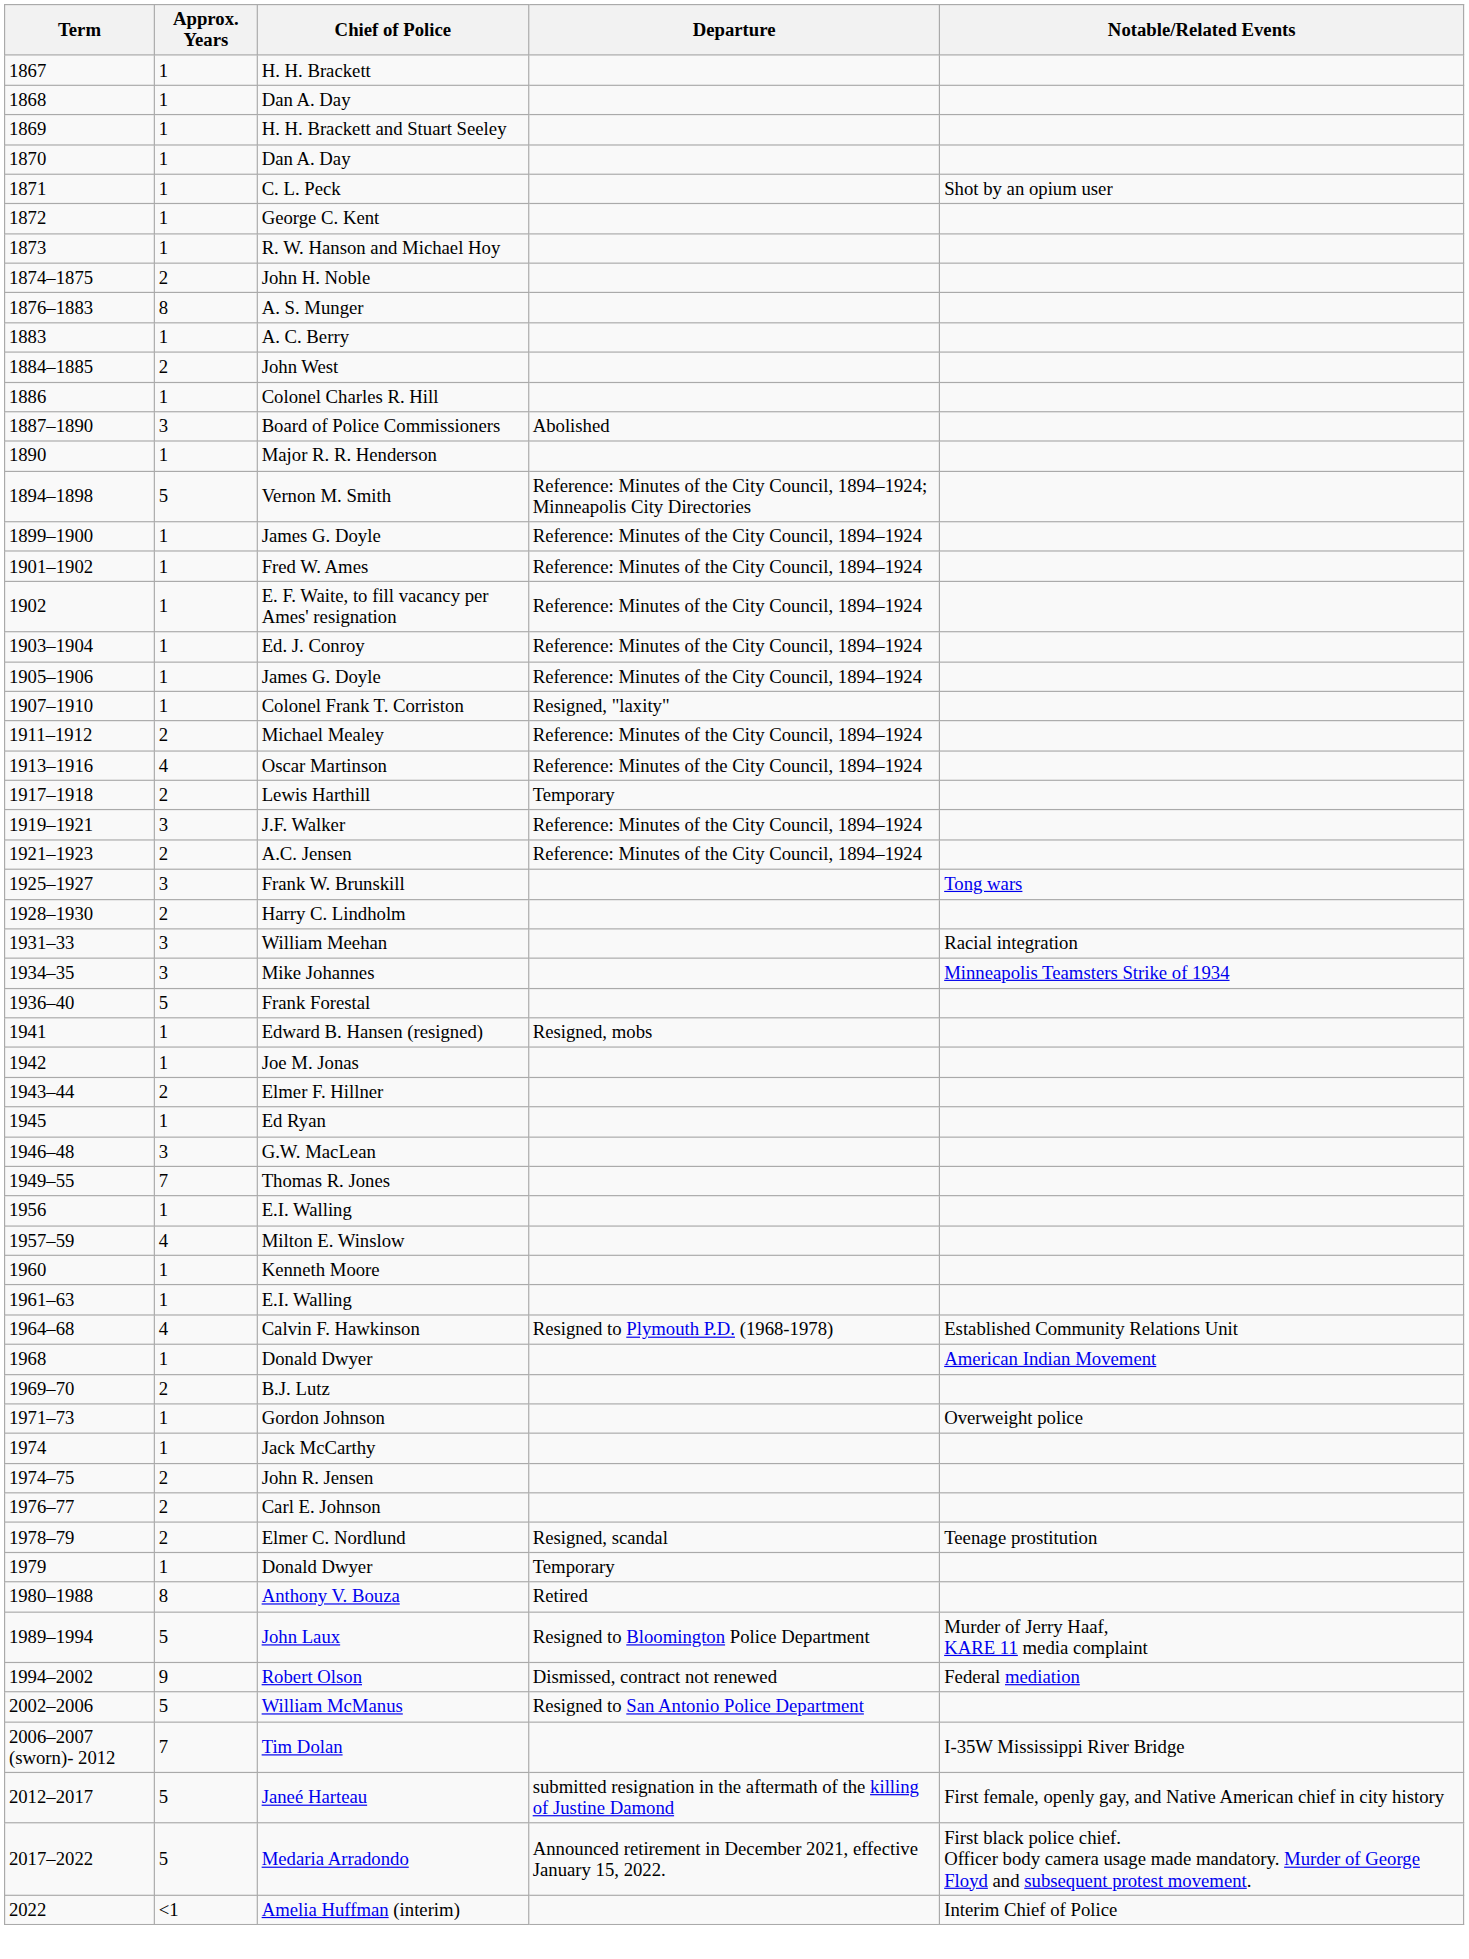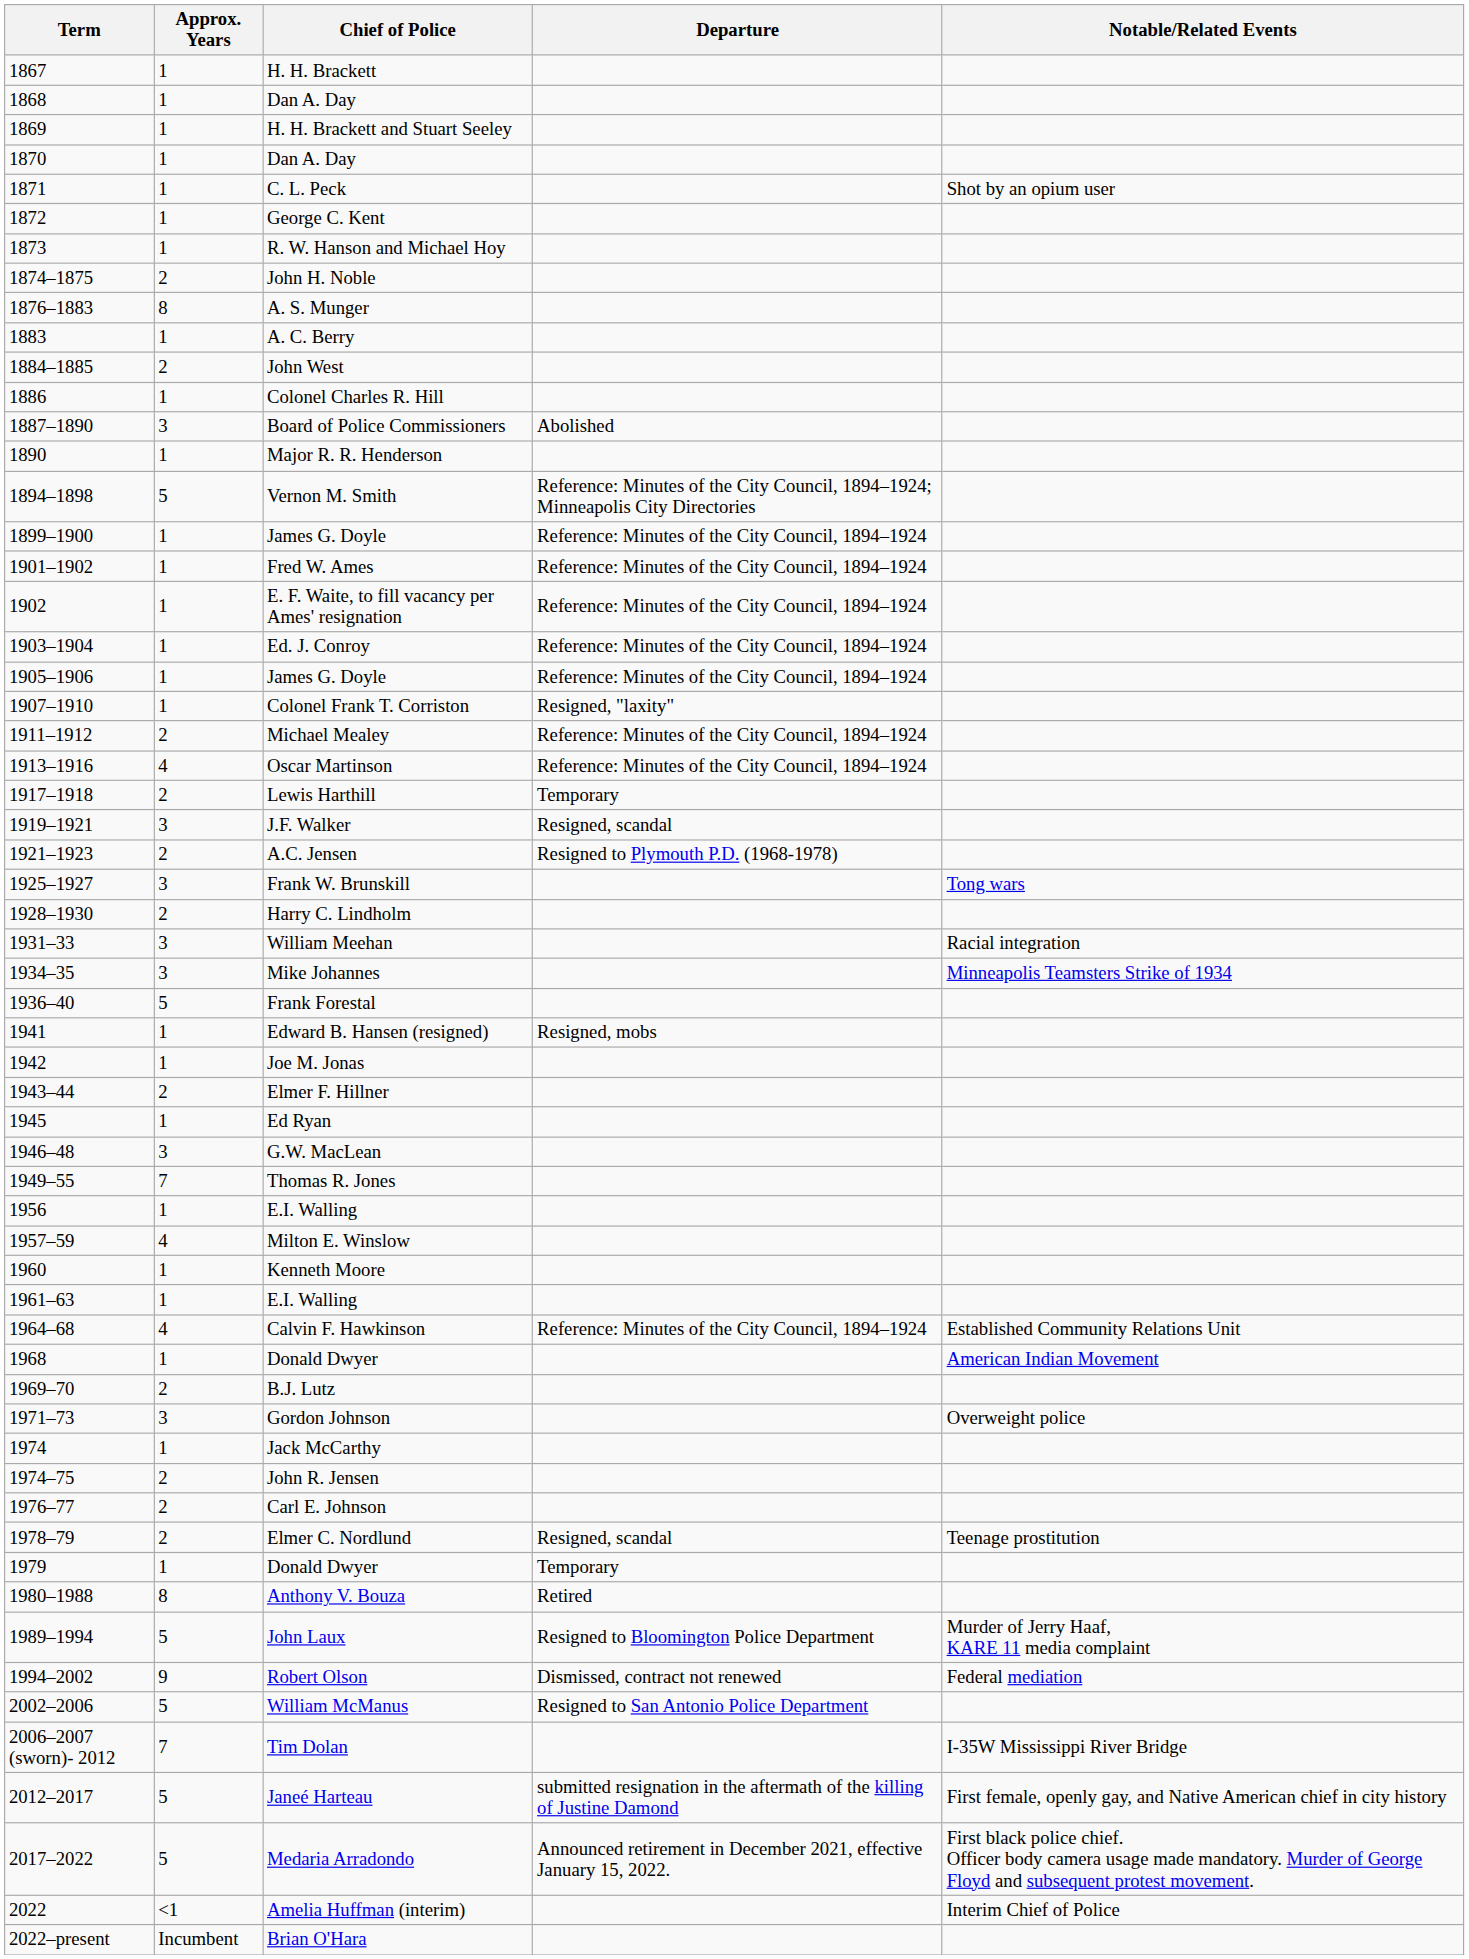 <table class="wikitable sortable">
 <tr>
 <th>Term</th>
 <th>Approx. Years</th>
 <th>Chief of Police</th>
 <th>Departure</th>
 <th>Notable/Related Events</th>
 </tr>
 <tr>
 <td>1867</td>
 <td>1</td>
 <td>H. H. Brackett</td>
 <td></td>
 <td></td>
 </tr>
 <tr>
 <td>1868</td>
 <td>1</td>
 <td>Dan A. Day</td>
 <td></td>
 <td></td>
 </tr>
 <tr>
 <td>1869</td>
 <td>1</td>
 <td>H. H. Brackett and Stuart Seeley</td>
 <td></td>
 <td></td>
 </tr>
 <tr>
 <td>1870</td>
 <td>1</td>
 <td>Dan A. Day</td>
 <td></td>
 <td></td>
 </tr>
 <tr>
 <td>1871</td>
 <td>1</td>
 <td>C. L. Peck</td>
 <td></td>
 <td>Shot by an opium user</td>
 </tr>
 <tr>
 <td>1872</td>
 <td>1</td>
 <td>George C. Kent</td>
 <td></td>
 <td></td>
 </tr>
 <tr>
 <td>1873</td>
 <td>1</td>
 <td>R. W. Hanson and Michael Hoy</td>
 <td></td>
 <td></td>
 </tr>
 <tr>
 <td>1874–1875</td>
 <td>2</td>
 <td>John H. Noble</td>
 <td></td>
 <td></td>
 </tr>
 <tr>
 <td>1876–1883</td>
 <td>8</td>
 <td>A. S. Munger</td>
 <td></td>
 <td></td>
 </tr>
 <tr>
 <td>1883</td>
 <td>1</td>
 <td>A. C. Berry</td>
 <td></td>
 <td></td>
 </tr>
 <tr>
 <td>1884–1885</td>
 <td>2</td>
 <td>John West</td>
 <td></td>
 <td></td>
 </tr>
 <tr>
 <td>1886</td>
 <td>1</td>
 <td>Colonel Charles R. Hill</td>
 <td></td>
 <td></td>
 </tr>
 <tr>
 <td>1887–1890</td>
 <td>3</td>
 <td>Board of Police Commissioners</td>
 <td>Abolished</td>
 <td></td>
 </tr>
 <tr>
 <td>1890</td>
 <td>1</td>
 <td>Major R. R. Henderson</td>
 <td></td>
 <td></td>
 </tr>
 <tr>
 <td>1894–1898</td>
 <td>5</td>
 <td>Vernon M. Smith</td>
 <td>Reference: Minutes of the City Council, 1894–1924; Minneapolis City Directories</td>
 <td></td>
 </tr>
 <tr>
 <td>1899–1900</td>
 <td>1</td>
 <td>James G. Doyle</td>
 <td>Reference: Minutes of the City Council, 1894–1924</td>
 <td></td>
 </tr>
 <tr>
 <td>1901–1902</td>
 <td>1</td>
 <td>Fred W. Ames</td>
 <td>Reference: Minutes of the City Council, 1894–1924</td>
 <td></td>
 </tr>
 <tr>
 <td>1902</td>
 <td>1</td>
 <td>E. F. Waite, to fill vacancy per Ames' resignation</td>
 <td>Reference: Minutes of the City Council, 1894–1924</td>
 <td></td>
 </tr>
 <tr>
 <td>1903–1904</td>
 <td>1</td>
 <td>Ed. J. Conroy</td>
 <td>Reference: Minutes of the City Council, 1894–1924</td>
 <td></td>
 </tr>
 <tr>
 <td>1905–1906</td>
 <td>1</td>
 <td>James G. Doyle</td>
 <td>Reference: Minutes of the City Council, 1894–1924</td>
 <td></td>
 </tr>
 <tr>
 <td>1907–1910</td>
 <td>1</td>
 <td>Colonel Frank T. Corriston</td>
 <td>Resigned, "laxity"</td>
 <td></td>
 </tr>
 <tr>
 <td>1911–1912</td>
 <td>2</td>
 <td>Michael Mealey</td>
 <td>Reference: Minutes of the City Council, 1894–1924</td>
 <td></td>
 </tr>
 <tr>
 <td>1913–1916</td>
 <td>4</td>
 <td>Oscar Martinson</td>
 <td>Reference: Minutes of the City Council, 1894–1924</td>
 <td></td>
 </tr>
 <tr>
 <td>1917–1918</td>
 <td>2</td>
 <td>Lewis Harthill</td>
 <td>Temporary</td>
 <td></td>
 </tr>
 <tr>
 <td>1919–1921</td>
 <td>3</td>
 <td>J.F. Walker</td>
-<td>Reference: Minutes of the City Council, 1894–1924</td>
+<td>Resigned, scandal</td>
 <td></td>
 </tr>
 <tr>
 <td>1921–1923</td>
 <td>2</td>
 <td>A.C. Jensen</td>
-<td>Reference: Minutes of the City Council, 1894–1924</td>
+<td>Resigned to <a href='#'>Plymouth P.D.</a> (1968-1978)</td>
 <td></td>
 </tr>
 <tr>
 <td>1925–1927</td>
 <td>3</td>
 <td>Frank W. Brunskill</td>
 <td></td>
 <td><a href='#'>Tong wars</a></td>
 </tr>
 <tr>
 <td>1928–1930</td>
 <td>2</td>
 <td>Harry C. Lindholm</td>
 <td></td>
 </tr>
 <tr>
 <td>1931–33</td>
 <td>3</td>
 <td>William Meehan</td>
 <td></td>
 <td>Racial integration</td>
 </tr>
 <tr>
 <td>1934–35</td>
 <td>3</td>
 <td>Mike Johannes</td>
 <td></td>
 <td><a href='#'>Minneapolis Teamsters Strike of 1934</a></td>
 </tr>
 <tr>
 <td>1936–40</td>
 <td>5</td>
 <td>Frank Forestal</td>
 <td></td>
 <td></td>
 </tr>
 <tr>
 <td>1941</td>
 <td>1</td>
 <td>Edward B. Hansen (resigned)</td>
 <td>Resigned, mobs</td>
 <td></td>
 </tr>
 <tr>
 <td>1942</td>
 <td>1</td>
 <td>Joe M. Jonas</td>
 <td></td>
 <td></td>
 </tr>
 <tr>
 <td>1943–44</td>
 <td>2</td>
 <td>Elmer F. Hillner</td>
 <td></td>
 <td></td>
 </tr>
 <tr>
 <td>1945</td>
 <td>1</td>
 <td>Ed Ryan</td>
 <td></td>
 <td></td>
 </tr>
 <tr>
 <td>1946–48</td>
 <td>3</td>
 <td>G.W. MacLean</td>
 <td></td>
 <td></td>
 </tr>
 <tr>
 <td>1949–55</td>
 <td>7</td>
 <td>Thomas R. Jones</td>
 <td></td>
 <td></td>
 </tr>
 <tr>
 <td>1956</td>
 <td>1</td>
 <td>E.I. Walling</td>
 <td></td>
 <td></td>
 </tr>
 <tr>
 <td>1957–59</td>
 <td>4</td>
 <td>Milton E. Winslow</td>
 <td></td>
 <td></td>
 </tr>
 <tr>
 <td>1960</td>
 <td>1</td>
 <td>Kenneth Moore</td>
 <td></td>
 <td></td>
 </tr>
 <tr>
 <td>1961–63</td>
 <td>1</td>
 <td>E.I. Walling</td>
 <td></td>
 <td></td>
 </tr>
 <tr>
 <td>1964–68</td>
 <td>4</td>
 <td>Calvin F. Hawkinson</td>
-<td>Resigned to <a href='#'>Plymouth P.D.</a> (1968-1978)</td>
+<td>Reference: Minutes of the City Council, 1894–1924</td>
 <td>Established Community Relations Unit</td>
 </tr>
 <tr>
 <td>1968</td>
 <td>1</td>
 <td>Donald Dwyer</td>
 <td></td>
 <td><a href='#'>American Indian Movement</a></td>
 </tr>
 <tr>
 <td>1969–70</td>
 <td>2</td>
 <td>B.J. Lutz</td>
 <td></td>
 <td></td>
 </tr>
 <tr>
 <td>1971–73</td>
-<td>1</td>
+<td>3</td>
 <td>Gordon Johnson</td>
 <td></td>
 <td>Overweight police</td>
 </tr>
 <tr>
 <td>1974</td>
 <td>1</td>
 <td>Jack McCarthy</td>
 <td></td>
 <td></td>
 </tr>
 <tr>
 <td>1974–75</td>
 <td>2</td>
 <td>John R. Jensen</td>
 <td></td>
 <td></td>
 </tr>
 <tr>
 <td>1976–77</td>
 <td>2</td>
 <td>Carl E. Johnson</td>
 <td></td>
 <td></td>
 </tr>
 <tr>
 <td>1978–79</td>
 <td>2</td>
 <td>Elmer C. Nordlund</td>
 <td>Resigned, scandal</td>
 <td>Teenage prostitution</td>
 </tr>
 <tr>
 <td>1979</td>
 <td>1</td>
 <td>Donald Dwyer</td>
 <td>Temporary</td>
 <td></td>
 </tr>
 <tr>
 <td>1980–1988</td>
 <td>8</td>
 <td><a href='#'>Anthony V. Bouza</a></td>
 <td>Retired</td>
 <td></td>
 </tr>
 <tr>
 <td>1989–1994</td>
 <td>5</td>
 <td><a href='#'>John Laux</a></td>
 <td>Resigned to <a href='#'>Bloomington</a> Police Department</td>
 <td>Murder of Jerry Haaf,<br><a href='#'>KARE 11</a> media complaint</td>
 </tr>
 <tr>
 <td>1994–2002</td>
 <td>9</td>
 <td><a href='#'>Robert Olson</a></td>
 <td>Dismissed, contract not renewed</td>
 <td>Federal <a href='#'>mediation</a></td>
 </tr>
 <tr>
 <td>2002–2006</td>
 <td>5</td>
 <td><a href='#'>William McManus</a></td>
 <td>Resigned to <a href='#'>San Antonio Police Department</a></td>
 <td></td>
 </tr>
 <tr>
 <td>2006–2007 (sworn)- 2012</td>
 <td>7</td>
 <td><a href='#'>Tim Dolan</a></td>
 <td></td>
 <td>I-35W Mississippi River Bridge</td>
 </tr>
 <tr>
 <td>2012–2017</td>
 <td>5</td>
 <td><a href='#'>Janeé Harteau</a></td>
 <td>submitted resignation in the aftermath of the <a href='#'>killing of Justine Damond</a></td>
 <td>First female, openly gay, and Native American chief in city history</td>
 </tr>
 <tr>
 <td>2017–2022</td>
 <td>5</td>
 <td><a href='#'>Medaria Arradondo</a></td>
 <td>Announced retirement in December 2021, effective January 15, 2022.</td>
 <td>First black police chief.<br>Officer body camera usage made mandatory. <a href='#'>Murder of George Floyd</a> and <a href='#'>subsequent protest movement</a>.</td>
 </tr>
 <tr>
 <td>2022</td>
 <td><1</td>
 <td><a href='#'>Amelia Huffman</a> (interim)</td>
 <td></td>
 <td>Interim Chief of Police</td>
 </tr>
+<tr>
+<td>2022–present</td>
+<td>Incumbent</td>
+<td><a href='#'>Brian O'Hara</a></td>
+<td></td>
+<td><br></td>
+</tr>
 </table>
